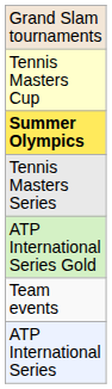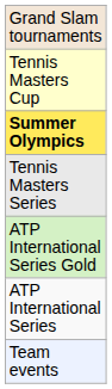 <table class=wikitable style=font-size:93% width=13%>
 <tr style="background:#f3e6d7;">
 <td>Grand Slam tournaments</td>
 </tr>
 <tr style="background:#ffffcc;">
 <td>Tennis Masters Cup</td>
 </tr>
 <tr style="background:#ffea5c;">
 <td><strong>Summer Olympics</strong></td>
 </tr>
 <tr style="background:#e9e9e9;">
 <td>Tennis Masters Series</td>
 </tr>
 <tr style="background:#d4f1c5;">
 <td>ATP International Series Gold</td>
 </tr>
 <tr bgcolor=>
+<td>ATP International Series</td>
+</tr>
+<tr style="background:#ecf2ff;">
 <td>Team events</td>
 </tr>
-<tr style="background:#ecf2ff;">
-<td>ATP International Series</td>
-</tr>
 </table>
